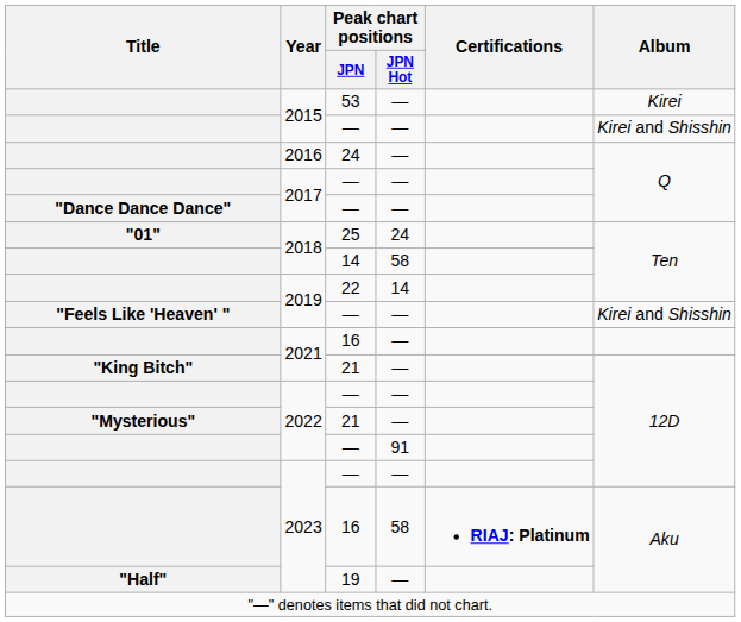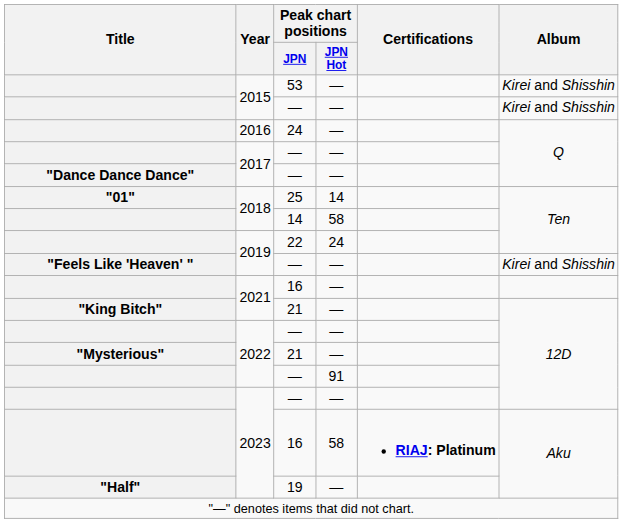 <table class="wikitable plainrowheaders" style="text-align:center;">
 <tr>
 <th scope="col" rowspan="2" style="width:16em;">Title</th>
 <th scope="col" rowspan="2">Year</th>
 <th scope="col" colspan="2">Peak chart positions</th>
 <th scope="col" rowspan="2">Certifications</th>
 <th scope="col" rowspan="2">Album</th>
 </tr>
 <tr>
 <th style="width:3em;font-size:85%"><a href='#'>JPN</a><br></th>
 <th style="width:3em;font-size:85%"><a href='#'>JPN<br>Hot</a><br></th>
 </tr>
 <tr>
 <th scope="row"></th>
 <td rowspan="2">2015</td>
 <td>53</td>
 <td>—</td>
 <td></td>
-<td><em>Kirei</em></td>
+<td><em>Kirei</em> and <em>Shisshin</em></td>
 </tr>
 <tr>
 <th scope="row"><br></th>
 <td>—</td>
 <td>—</td>
 <td></td>
 <td><em>Kirei</em> and <em>Shisshin</em></td>
 </tr>
 <tr>
 <th scope="row"></th>
 <td>2016</td>
 <td>24</td>
 <td>—</td>
 <td></td>
 <td rowspan="3"><em>Q</em></td>
 </tr>
 <tr>
 <th scope="row"></th>
 <td rowspan="2">2017</td>
 <td>—</td>
 <td>—</td>
 <td></td>
 </tr>
 <tr>
 <th scope="row">"Dance Dance Dance"</th>
 <td>—</td>
 <td>—</td>
 <td></td>
 </tr>
 <tr>
 <th scope="row">"01"</th>
 <td rowspan="2">2018</td>
 <td>25</td>
-<td>24</td>
+<td>14</td>
 <td></td>
 <td rowspan="3"><em>Ten</em></td>
 </tr>
 <tr>
 <th scope="row"></th>
 <td>14</td>
 <td>58</td>
 <td></td>
 </tr>
 <tr>
 <th scope="row"></th>
 <td rowspan="2">2019</td>
 <td>22</td>
-<td>14</td>
+<td>24</td>
 <td></td>
 </tr>
 <tr>
 <th scope="row">"Feels Like 'Heaven' "</th>
 <td>—</td>
 <td>—</td>
 <td></td>
 <td><em>Kirei</em> and <em>Shisshin</em></td>
 </tr>
 <tr>
 <th scope="row"></th>
 <td rowspan="2">2021</td>
 <td>16</td>
 <td>—</td>
 <td></td>
 </tr>
 <tr>
 <th scope="row">"King Bitch"</th>
 <td>21</td>
 <td>—</td>
 <td></td>
 <td rowspan="5"><em>12D</em></td>
 </tr>
 <tr>
 <th scope="row"></th>
 <td rowspan="3">2022</td>
 <td>—</td>
 <td>—</td>
 <td></td>
 </tr>
 <tr>
 <th scope="row">"Mysterious"</th>
 <td>21</td>
 <td>—</td>
 <td></td>
 </tr>
 <tr>
 <th scope="row"></th>
 <td>—</td>
 <td>91</td>
 <td></td>
 </tr>
 <tr>
 <th scope="row"><br></th>
 <td rowspan="3">2023</td>
 <td>—</td>
 <td>—</td>
 <td></td>
 </tr>
 <tr>
 <th scope="row"></th>
 <td>16</td>
 <td>58</td>
 <td><strong><br><ul><li><a href='#'>RIAJ</a>: Platinum </li></ul></strong></td>
 <td rowspan="2"><em>Aku</em></td>
 </tr>
 <tr>
 <th scope="row">"Half"</th>
 <td>19</td>
 <td>—</td>
 <td></td>
 </tr>
 <tr>
 <td colspan="12" align="center" style="font-size:90%;">"—" denotes items that did not chart.</td>
 </tr>
 </table>
